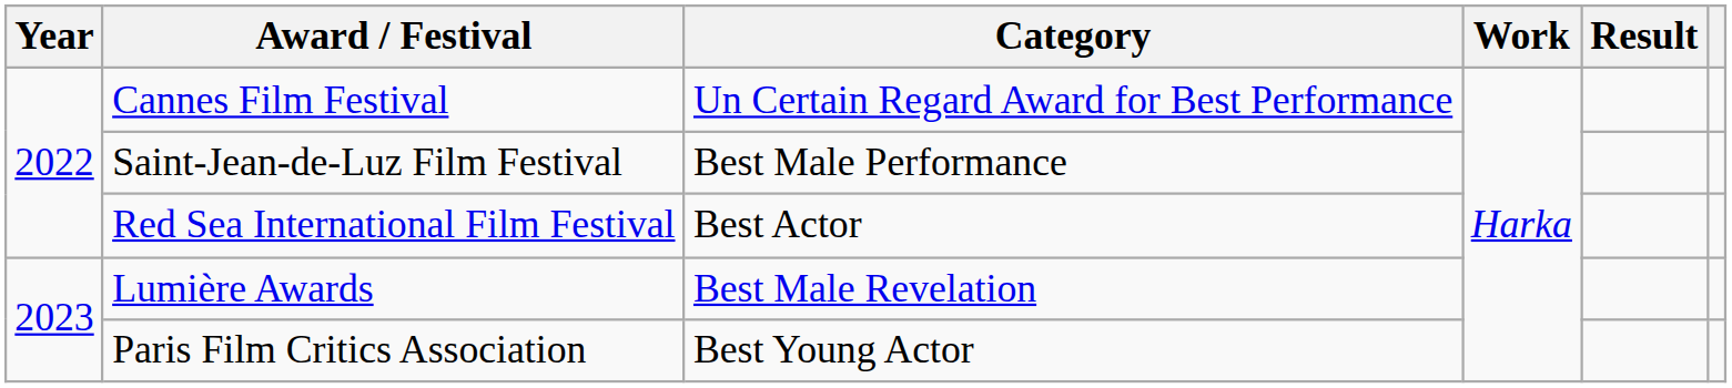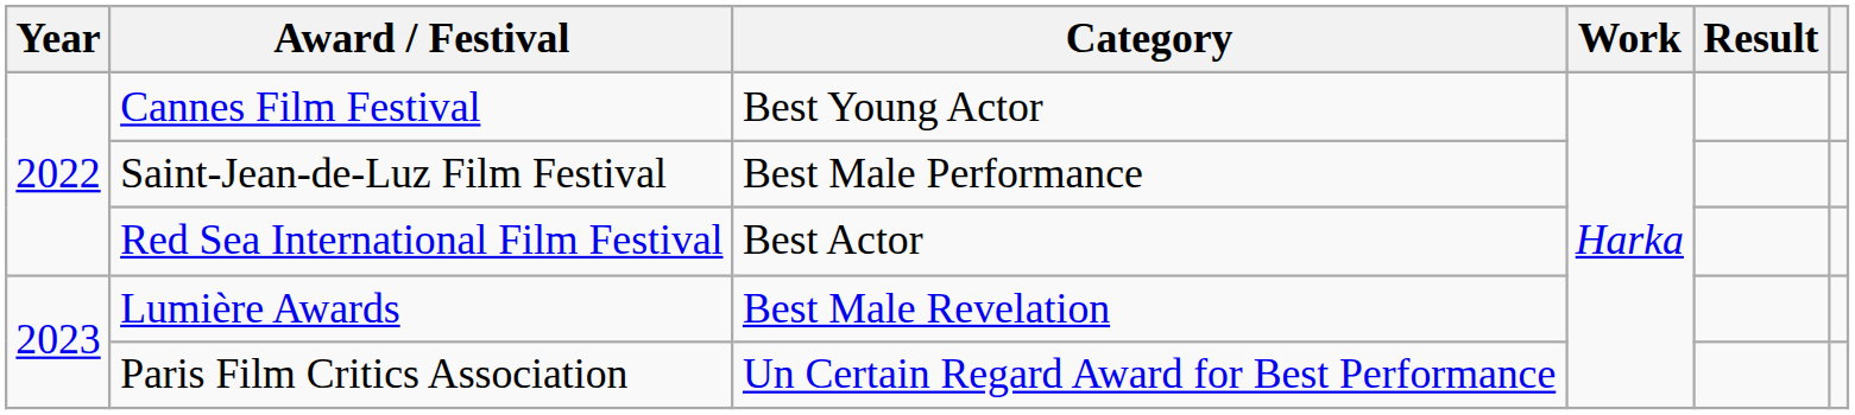 <table class="wikitable sortable">
 <tr>
 <th>Year</th>
 <th>Award / Festival</th>
 <th>Category</th>
 <th>Work</th>
 <th>Result</th>
 <th scope="col" class="unsortable"></th>
 </tr>
 <tr>
 <td rowspan="3"><a href='#'>2022</a></td>
 <td><a href='#'>Cannes Film Festival</a></td>
-<td><a href='#'>Un Certain Regard Award for Best Performance</a></td>
+<td>Best Young Actor</td>
 <td rowspan="5"><em><a href='#'>Harka</a></em></td>
 <td></td>
 <td></td>
 </tr>
 <tr>
 <td>Saint-Jean-de-Luz Film Festival</td>
 <td>Best Male Performance</td>
 <td></td>
 <td></td>
 </tr>
 <tr>
 <td><a href='#'>Red Sea International Film Festival</a></td>
 <td>Best Actor</td>
 <td></td>
 <td></td>
 </tr>
 <tr>
 <td rowspan="2"><a href='#'>2023</a></td>
 <td><a href='#'>Lumière Awards</a></td>
 <td><a href='#'>Best Male Revelation</a></td>
 <td></td>
 <td></td>
 </tr>
 <tr>
 <td>Paris Film Critics Association</td>
-<td>Best Young Actor</td>
+<td><a href='#'>Un Certain Regard Award for Best Performance</a></td>
 <td></td>
 <td></td>
 </tr>
 </table>
